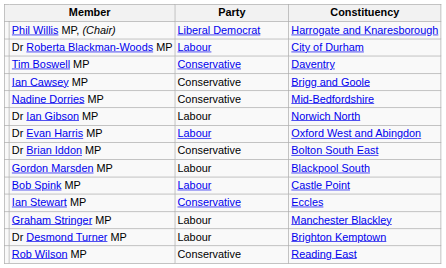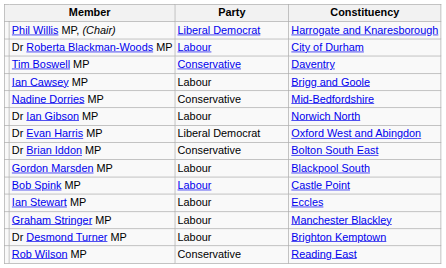 <table class="wikitable">
 <tr>
 <th width="160px" colspan="2">Member</th>
 <th width="160px" colspan="1">Party</th>
 <th width="160px" colspan="2">Constituency</th>
 </tr>
 <tr>
 <td style="color:inherit;background:"></td>
 <td><a href='#'>Phil Willis</a> MP, <em>(Chair)</em></td>
 <td><a href='#'>Liberal Democrat</a></td>
 <td><a href='#'>Harrogate and Knaresborough</a></td>
 </tr>
 <tr>
 <td style="color:inherit;background:"></td>
 <td>Dr <a href='#'>Roberta Blackman-Woods</a> MP</td>
 <td><a href='#'>Labour</a></td>
 <td><a href='#'>City of Durham</a></td>
 </tr>
 <tr>
 <td style="color:inherit;background:"></td>
 <td><a href='#'>Tim Boswell</a> MP</td>
 <td><a href='#'>Conservative</a></td>
 <td><a href='#'>Daventry</a></td>
 </tr>
 <tr>
 <td style="color:inherit;background:"></td>
 <td><a href='#'>Ian Cawsey</a> MP</td>
-<td>Conservative</td>
+<td>Labour</td>
 <td><a href='#'>Brigg and Goole</a></td>
 </tr>
 <tr>
 <td style="color:inherit;background:"></td>
 <td><a href='#'>Nadine Dorries</a> MP</td>
 <td>Conservative</td>
 <td><a href='#'>Mid-Bedfordshire</a></td>
 </tr>
 <tr>
 <td style="color:inherit;background:"></td>
 <td>Dr <a href='#'>Ian Gibson</a> MP</td>
 <td>Labour</td>
 <td><a href='#'>Norwich North</a></td>
 </tr>
 <tr>
 <td style="color:inherit;background:"></td>
 <td>Dr <a href='#'>Evan Harris</a> MP</td>
-<td><a href='#'>Labour</a></td>
+<td>Liberal Democrat</td>
 <td><a href='#'>Oxford West and Abingdon</a></td>
 </tr>
 <tr>
 <td style="color:inherit;background:"></td>
 <td>Dr <a href='#'>Brian Iddon</a> MP</td>
 <td>Conservative</td>
 <td><a href='#'>Bolton South East</a></td>
 </tr>
 <tr>
 <td style="color:inherit;background:"></td>
 <td><a href='#'>Gordon Marsden</a> MP</td>
 <td>Labour</td>
 <td><a href='#'>Blackpool South</a></td>
 </tr>
 <tr>
 <td style="color:inherit;background:"></td>
 <td><a href='#'>Bob Spink</a> MP</td>
 <td><a href='#'>Labour</a></td>
 <td><a href='#'>Castle Point</a></td>
 </tr>
 <tr>
 <td style="color:inherit;background:"></td>
 <td><a href='#'>Ian Stewart</a> MP</td>
-<td><a href='#'>Conservative</a></td>
+<td>Labour</td>
 <td><a href='#'>Eccles</a></td>
 </tr>
 <tr>
 <td style="color:inherit;background:"></td>
 <td><a href='#'>Graham Stringer</a> MP</td>
 <td>Labour</td>
 <td><a href='#'>Manchester Blackley</a></td>
 </tr>
 <tr>
 <td style="color:inherit;background:"></td>
 <td>Dr <a href='#'>Desmond Turner</a> MP</td>
 <td>Labour</td>
 <td><a href='#'>Brighton Kemptown</a></td>
 </tr>
 <tr>
 <td style="color:inherit;background:"></td>
 <td><a href='#'>Rob Wilson</a> MP</td>
 <td>Conservative</td>
 <td><a href='#'>Reading East</a></td>
 </tr>
 </table>
